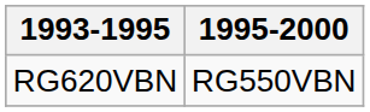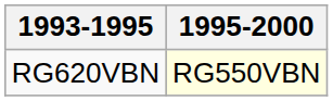 <table class="wikitable">
 <tr>
 <th>1993-1995</th>
 <th>1995-2000</th>
 </tr>
 <tr>
 <td>RG620VBN</td>
-<td>RG550VBN</td>
+<td style="background: lightyellow;">RG550VBN</td>
 </tr>
 </table>
